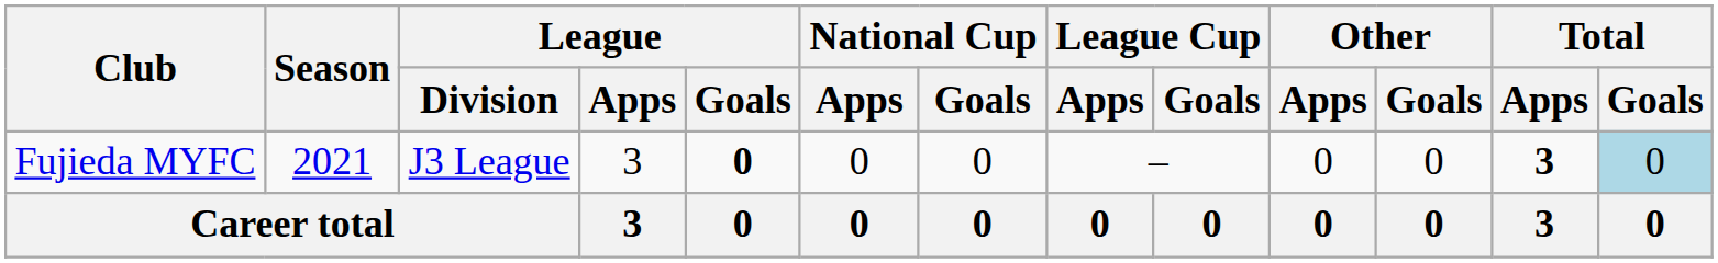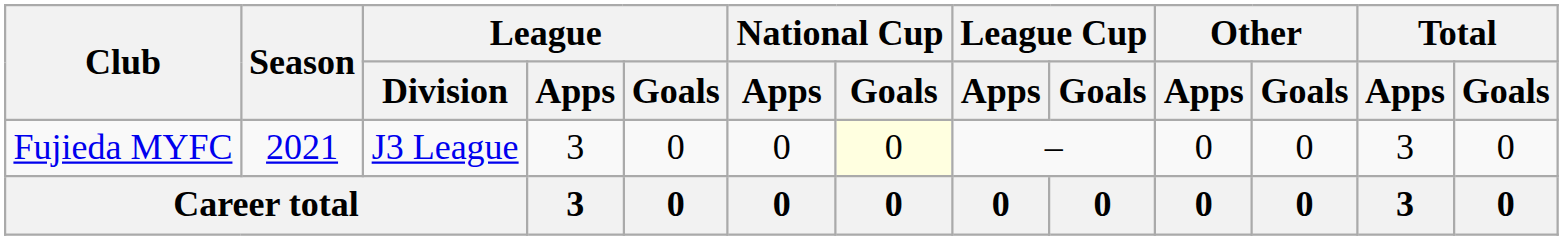 <table class="wikitable" style="text-align: center">
 <tr>
 <th rowspan="2">Club</th>
 <th rowspan="2">Season</th>
 <th colspan="3">League</th>
 <th colspan="2">National Cup</th>
 <th colspan="2">League Cup</th>
 <th colspan="2">Other</th>
 <th colspan="2">Total</th>
 </tr>
 <tr>
 <th>Division</th>
 <th>Apps</th>
 <th>Goals</th>
 <th>Apps</th>
 <th>Goals</th>
 <th>Apps</th>
 <th>Goals</th>
 <th>Apps</th>
 <th>Goals</th>
 <th>Apps</th>
 <th>Goals</th>
 </tr>
 <tr>
 <td><a href='#'>Fujieda MYFC</a></td>
 <td><a href='#'>2021</a></td>
 <td><a href='#'>J3 League</a></td>
 <td>3</td>
-<td><strong>0</strong></td>
 <td>0</td>
 <td>0</td>
+<td style="background: lightyellow;">0</td>
 <td colspan="2">–</td>
 <td>0</td>
 <td>0</td>
-<td><strong>3</strong></td>
-<td style="background: lightblue;">0</td>
+<td>3</td>
+<td>0</td>
 </tr>
 <tr>
 <th colspan=3>Career total</th>
 <th>3</th>
 <th>0</th>
 <th>0</th>
 <th>0</th>
 <th>0</th>
 <th>0</th>
 <th>0</th>
 <th>0</th>
 <th>3</th>
 <th>0</th>
 </tr>
 </table>
